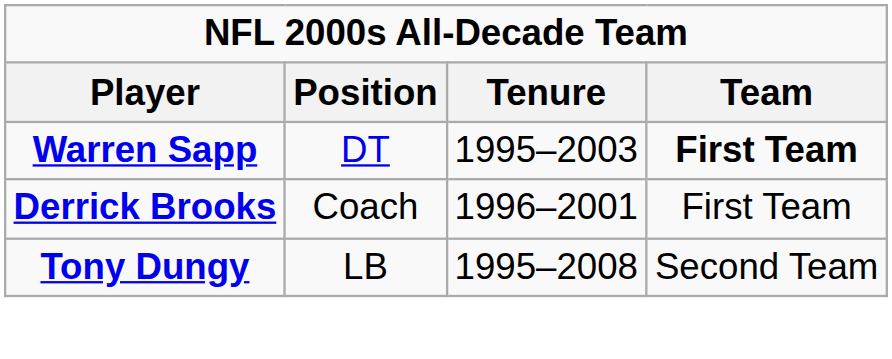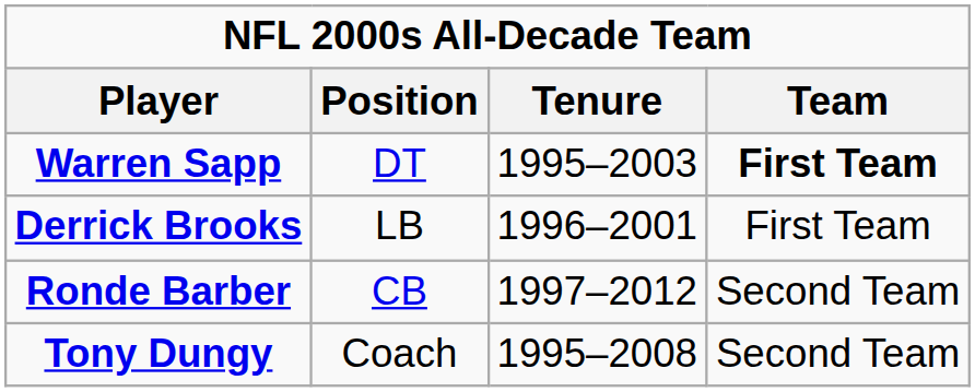 <table class="wikitable" style="text-align:center">
 <tr>
 <td colspan="4"><strong>NFL 2000s All-Decade Team</strong></td>
 </tr>
 <tr>
 <th>Player</th>
 <th>Position</th>
 <th>Tenure</th>
 <th>Team</th>
 </tr>
 <tr>
 <td><strong><a href='#'>Warren Sapp</a></strong></td>
 <td><a href='#'>DT</a></td>
 <td>1995–2003</td>
 <td><strong>First Team</strong></td>
 </tr>
 <tr>
 <td><strong><a href='#'>Derrick Brooks</a></strong></td>
-<td>Coach</td>
+<td>LB</td>
 <td>1996–2001</td>
 <td>First Team</td>
 </tr>
 <tr>
+<td><strong><a href='#'>Ronde Barber</a></strong></td>
+<td><a href='#'>CB</a></td>
+<td>1997–2012</td>
+<td>Second Team</td>
+</tr>
+<tr>
 <td><strong><a href='#'>Tony Dungy</a></strong></td>
-<td>LB</td>
+<td>Coach</td>
 <td>1995–2008</td>
 <td>Second Team</td>
 </tr>
 </table>
